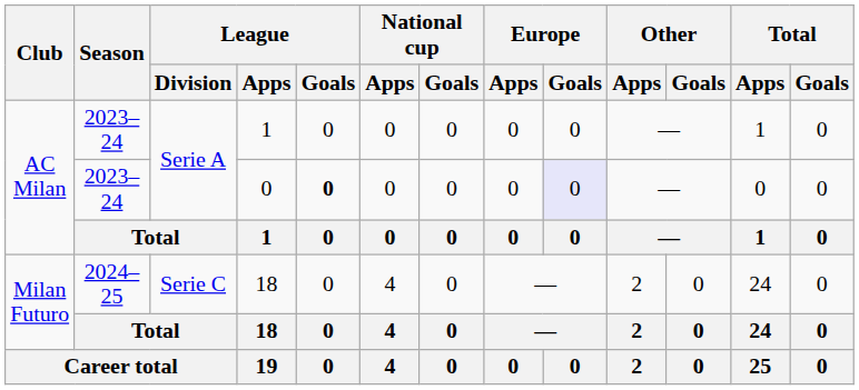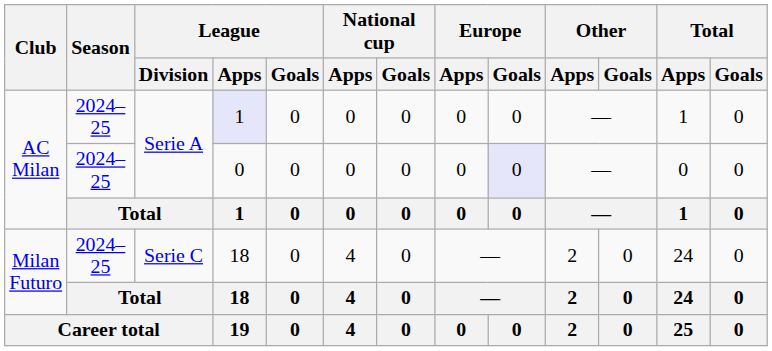 <table class="wikitable" style="text-align: center;">
 <tr>
 <th rowspan="2">Club</th>
 <th rowspan="2">Season</th>
 <th colspan="3">League</th>
 <th colspan="2">National cup</th>
 <th colspan="2">Europe</th>
 <th colspan="2">Other</th>
 <th colspan="2">Total</th>
 </tr>
 <tr>
 <th>Division</th>
 <th>Apps</th>
 <th>Goals</th>
 <th>Apps</th>
 <th>Goals</th>
 <th>Apps</th>
 <th>Goals</th>
 <th>Apps</th>
 <th>Goals</th>
 <th>Apps</th>
 <th>Goals</th>
 </tr>
 <tr>
 <td rowspan="3"><a href='#'>AC Milan</a></td>
-<td><a href='#'>2023–24</a></td>
+<td><a href='#'>2024–25</a></td>
 <td rowspan="2"><a href='#'>Serie A</a></td>
-<td>1</td>
+<td style="background: lavender;">1</td>
 <td>0</td>
 <td>0</td>
 <td>0</td>
 <td>0</td>
 <td>0</td>
 <td colspan="2">—</td>
 <td>1</td>
 <td>0</td>
 </tr>
 <tr>
-<td><a href='#'>2023–24</a></td>
+<td><a href='#'>2024–25</a></td>
 <td>0</td>
-<td><strong>0</strong></td>
+<td>0</td>
 <td>0</td>
 <td>0</td>
 <td>0</td>
 <td style="background: lavender;">0</td>
 <td colspan="2">—</td>
 <td>0</td>
 <td>0</td>
 </tr>
 <tr>
 <th colspan="2">Total</th>
 <th>1</th>
 <th>0</th>
 <th>0</th>
 <th>0</th>
 <th>0</th>
 <th>0</th>
 <th colspan="2">—</th>
 <th>1</th>
 <th>0</th>
 </tr>
 <tr>
 <td rowspan="2"><a href='#'>Milan Futuro</a></td>
 <td><a href='#'>2024–25</a></td>
 <td><a href='#'>Serie C</a></td>
 <td>18</td>
 <td>0</td>
 <td>4</td>
 <td>0</td>
 <td colspan="2">—</td>
 <td>2</td>
 <td>0</td>
 <td>24</td>
 <td>0</td>
 </tr>
 <tr>
 <th colspan="2">Total</th>
 <th>18</th>
 <th>0</th>
 <th>4</th>
 <th>0</th>
 <th colspan="2">—</th>
 <th>2</th>
 <th>0</th>
 <th>24</th>
 <th>0</th>
 </tr>
 <tr>
 <th colspan="3">Career total</th>
 <th>19</th>
 <th>0</th>
 <th>4</th>
 <th>0</th>
 <th>0</th>
 <th>0</th>
 <th>2</th>
 <th>0</th>
 <th>25</th>
 <th>0</th>
 </tr>
 </table>
